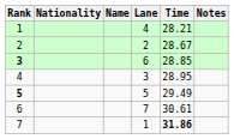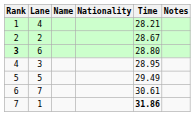 <table class="wikitable sortable" style="text-align:center">
 <tr>
 <th>Rank</th>
+<th>Lane</th>
+<th>Name</th>
 <th>Nationality</th>
-<th>Name</th>
-<th>Lane</th>
 <th>Time</th>
 <th>Notes</th>
 </tr>
 <tr bgcolor=ccffcc>
 <td>1</td>
+<td>4</td>
 <td align=left></td>
 <td align=left></td>
-<td>4</td>
 <td>28.21</td>
 <td><strong></strong></td>
 </tr>
 <tr bgcolor=ccffcc>
 <td>2</td>
+<td>2</td>
 <td align=left></td>
 <td align=left></td>
-<td>2</td>
 <td>28.67</td>
 <td><strong></strong></td>
 </tr>
 <tr bgcolor=ccffcc>
 <td><strong>3</strong></td>
+<td>6</td>
 <td align=left></td>
 <td align=left></td>
-<td>6</td>
-<td>28.85</td>
+<td>28.80</td>
 <td><strong></strong></td>
 </tr>
 <tr>
 <td>4</td>
+<td>3</td>
 <td align=left></td>
 <td align=left></td>
-<td>3</td>
 <td>28.95</td>
 <td></td>
 </tr>
 <tr>
-<td><strong>5</strong></td>
+<td>5</td>
+<td>5</td>
 <td align=left></td>
 <td align=left></td>
-<td>5</td>
 <td>29.49</td>
 <td></td>
 </tr>
 <tr>
 <td>6</td>
+<td>7</td>
 <td align=left></td>
 <td align=left></td>
-<td>7</td>
 <td>30.61</td>
 <td></td>
 </tr>
 <tr>
 <td>7</td>
+<td>1</td>
 <td align=left></td>
 <td align=left></td>
-<td>1</td>
 <td><strong>31.86</strong></td>
 <td></td>
 </tr>
 </table>
